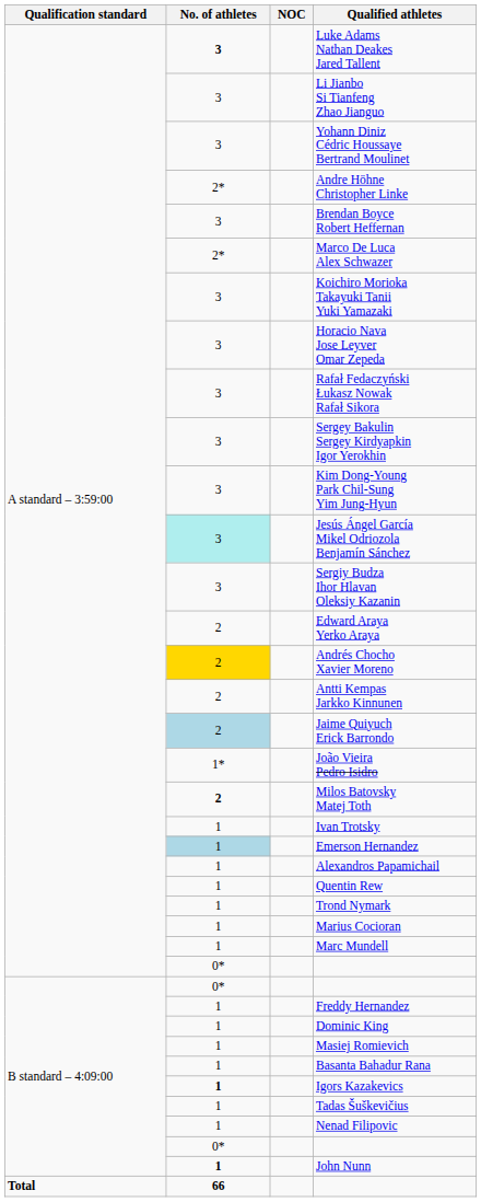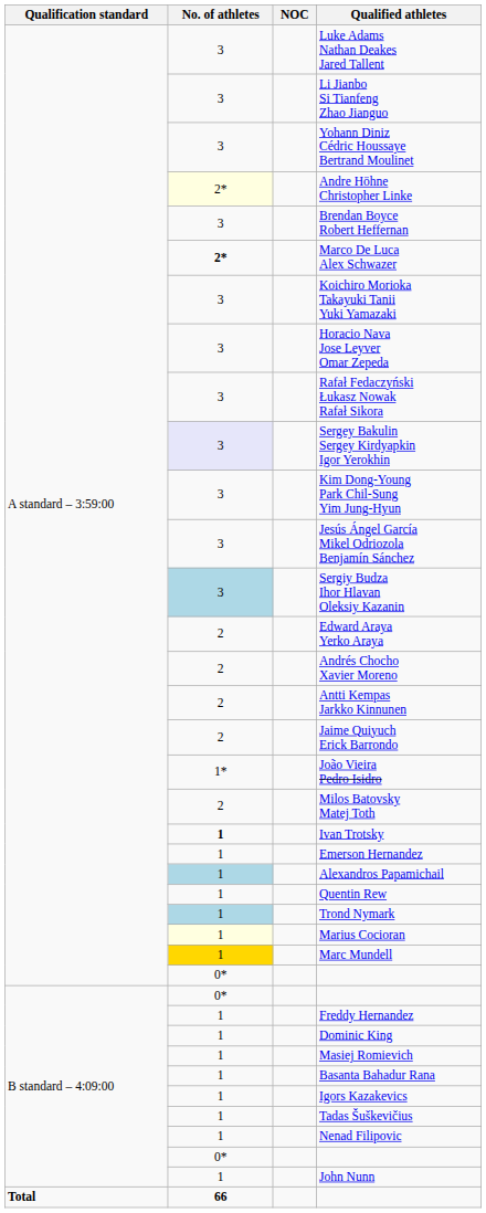 <table class="wikitable"  style="text-align:left; width:600px;">
 <tr>
 <th>Qualification standard</th>
 <th>No. of athletes</th>
 <th>NOC</th>
 <th>Qualified athletes</th>
 </tr>
 <tr>
 <td rowspan="27">A standard – 3:59:00</td>
-<td align=center><strong>3</strong></td>
+<td align=center>3</td>
 <td></td>
 <td><a href='#'>Luke Adams</a><br><a href='#'>Nathan Deakes</a><br><a href='#'>Jared Tallent</a></td>
 </tr>
 <tr>
 <td align=center>3</td>
 <td></td>
 <td><a href='#'>Li Jianbo</a><br><a href='#'>Si Tianfeng</a><br><a href='#'>Zhao Jianguo</a></td>
 </tr>
 <tr>
 <td align=center>3</td>
 <td></td>
 <td><a href='#'>Yohann Diniz</a><br><a href='#'>Cédric Houssaye</a><br><a href='#'>Bertrand Moulinet</a></td>
 </tr>
 <tr>
-<td align=center>2*</td>
+<td align=center style="background: lightyellow;">2*</td>
 <td></td>
 <td><a href='#'>Andre Höhne</a><br><a href='#'>Christopher Linke</a></td>
 </tr>
 <tr>
 <td align=center>3</td>
 <td></td>
 <td><a href='#'>Brendan Boyce</a><br><a href='#'>Robert Heffernan</a></td>
 </tr>
 <tr>
-<td align=center>2*</td>
+<td align=center><strong>2*</strong></td>
 <td></td>
 <td><a href='#'>Marco De Luca</a><br><a href='#'>Alex Schwazer</a></td>
 </tr>
 <tr>
 <td align=center>3</td>
 <td></td>
 <td><a href='#'>Koichiro Morioka</a><br><a href='#'>Takayuki Tanii</a><br><a href='#'>Yuki Yamazaki</a></td>
 </tr>
 <tr>
 <td align=center>3</td>
 <td></td>
 <td><a href='#'>Horacio Nava</a><br><a href='#'>Jose Leyver</a><br><a href='#'>Omar Zepeda</a></td>
 </tr>
 <tr>
 <td align=center>3</td>
 <td></td>
 <td><a href='#'>Rafał Fedaczyński</a><br><a href='#'>Łukasz Nowak</a><br><a href='#'>Rafał Sikora</a></td>
 </tr>
 <tr>
-<td align=center>3</td>
+<td align=center style="background: lavender;">3</td>
 <td></td>
 <td><a href='#'>Sergey Bakulin</a> <br> <a href='#'>Sergey Kirdyapkin</a> <br> <a href='#'>Igor Yerokhin</a></td>
 </tr>
 <tr>
 <td align=center>3</td>
 <td></td>
 <td><a href='#'>Kim Dong-Young</a> <br> <a href='#'>Park Chil-Sung</a> <br> <a href='#'>Yim Jung-Hyun</a></td>
 </tr>
 <tr>
-<td align=center style="background: paleturquoise;">3</td>
+<td align=center>3</td>
 <td></td>
 <td><a href='#'>Jesús Ángel García</a> <br> <a href='#'>Mikel Odriozola</a> <br> <a href='#'>Benjamín Sánchez</a></td>
 </tr>
 <tr>
-<td align=center>3</td>
+<td align=center style="background: lightblue;">3</td>
 <td></td>
 <td><a href='#'>Sergiy Budza</a> <br> <a href='#'>Ihor Hlavan</a> <br> <a href='#'>Oleksiy Kazanin</a></td>
 </tr>
 <tr>
 <td align=center>2</td>
 <td></td>
 <td><a href='#'>Edward Araya</a> <br> <a href='#'>Yerko Araya</a></td>
 </tr>
 <tr>
-<td align=center style="background: gold;">2</td>
+<td align=center>2</td>
 <td></td>
 <td><a href='#'>Andrés Chocho</a> <br> <a href='#'>Xavier Moreno</a></td>
 </tr>
 <tr>
 <td align=center>2</td>
 <td></td>
 <td><a href='#'>Antti Kempas</a><br><a href='#'>Jarkko Kinnunen</a></td>
 </tr>
 <tr>
-<td align=center style="background: lightblue;">2</td>
+<td align=center>2</td>
 <td></td>
 <td><a href='#'>Jaime Quiyuch</a> <br> <a href='#'>Erick Barrondo</a></td>
 </tr>
 <tr>
 <td align=center>1*</td>
 <td></td>
 <td><a href='#'>João Vieira</a><br><s><a href='#'>Pedro Isidro</a></s></td>
 </tr>
 <tr>
-<td align=center><strong>2</strong></td>
+<td align=center>2</td>
 <td></td>
 <td><a href='#'>Milos Batovsky</a> <br> <a href='#'>Matej Toth</a></td>
 </tr>
 <tr>
-<td align=center>1</td>
+<td align=center><strong>1</strong></td>
 <td></td>
 <td><a href='#'>Ivan Trotsky</a></td>
 </tr>
 <tr>
-<td align=center style="background: lightblue;">1</td>
+<td align=center>1</td>
 <td></td>
 <td><a href='#'>Emerson Hernandez</a></td>
 </tr>
 <tr>
-<td align=center>1</td>
+<td align=center style="background: lightblue;">1</td>
 <td></td>
 <td><a href='#'>Alexandros Papamichail</a></td>
 </tr>
 <tr>
 <td align=center>1</td>
 <td></td>
 <td><a href='#'>Quentin Rew</a></td>
 </tr>
 <tr>
-<td align=center>1</td>
+<td align=center style="background: lightblue;">1</td>
 <td></td>
 <td><a href='#'>Trond Nymark</a></td>
 </tr>
 <tr>
-<td align=center>1</td>
+<td align=center style="background: lightyellow;">1</td>
 <td></td>
 <td><a href='#'>Marius Cocioran</a></td>
 </tr>
 <tr>
-<td align=center>1</td>
+<td align=center style="background: gold;">1</td>
 <td></td>
 <td><a href='#'>Marc Mundell</a></td>
 </tr>
 <tr>
 <td align=center>0*</td>
 <td> </td>
 <td></td>
 </tr>
 <tr>
 <td rowspan="10">B standard – 4:09:00</td>
 <td align=center>0*</td>
 <td></td>
 <td></td>
 </tr>
 <tr>
 <td align=center>1</td>
 <td></td>
 <td><a href='#'>Freddy Hernandez</a></td>
 </tr>
 <tr>
 <td align=center>1</td>
 <td></td>
 <td><a href='#'>Dominic King</a></td>
 </tr>
 <tr>
 <td align=center>1</td>
 <td></td>
 <td><a href='#'>Masiej Romievich</a></td>
 </tr>
 <tr>
 <td align=center>1</td>
 <td></td>
 <td><a href='#'>Basanta Bahadur Rana</a></td>
 </tr>
 <tr>
-<td align=center><strong>1</strong></td>
+<td align=center>1</td>
 <td></td>
 <td><a href='#'>Igors Kazakevics</a></td>
 </tr>
 <tr>
 <td align=center>1</td>
 <td></td>
 <td><a href='#'>Tadas Šuškevičius</a></td>
 </tr>
 <tr>
 <td align=center>1</td>
 <td></td>
 <td><a href='#'>Nenad Filipovic</a></td>
 </tr>
 <tr>
 <td align=center>0*</td>
 <td></td>
 <td></td>
 </tr>
 <tr>
-<td align=center><strong>1</strong></td>
+<td align=center>1</td>
 <td></td>
 <td><a href='#'>John Nunn</a></td>
 </tr>
 <tr>
 <td><strong>Total</strong></td>
 <td align=center><strong>66</strong></td>
 <td></td>
 <td></td>
 </tr>
 </table>
